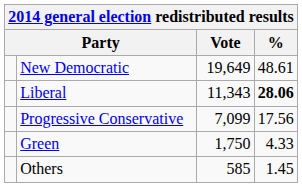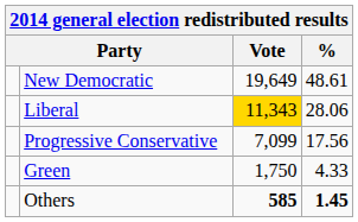 <table class="wikitable">
 <tr>
 <th colspan="4"><a href='#'>2014 general election</a> redistributed results</th>
 </tr>
 <tr>
 <th bgcolor="#DDDDFF" width="130px" colspan="2">Party</th>
 <th bgcolor="#DDDDFF" width="50px">Vote</th>
 <th bgcolor="#DDDDFF" width="30px">%</th>
 </tr>
 <tr>
 <td> </td>
 <td><a href='#'>New Democratic</a></td>
 <td align=right>19,649</td>
 <td align=right>48.61</td>
 </tr>
 <tr>
 <td> </td>
 <td><a href='#'>Liberal</a></td>
-<td align=right>11,343</td>
-<td align=right><strong>28.06</strong></td>
+<td align=right style="background: gold;">11,343</td>
+<td align=right>28.06</td>
 </tr>
 <tr>
 <td> </td>
 <td><a href='#'>Progressive Conservative</a></td>
 <td align=right>7,099</td>
 <td align=right>17.56</td>
 </tr>
 <tr>
 <td> </td>
 <td><a href='#'>Green</a></td>
 <td align=right>1,750</td>
 <td align=right>4.33</td>
 </tr>
 <tr>
 <td> </td>
 <td>Others</td>
-<td align=right>585</td>
-<td align=right>1.45</td>
+<td align=right><strong>585</strong></td>
+<td align=right><strong>1.45</strong></td>
 </tr>
 </table>
